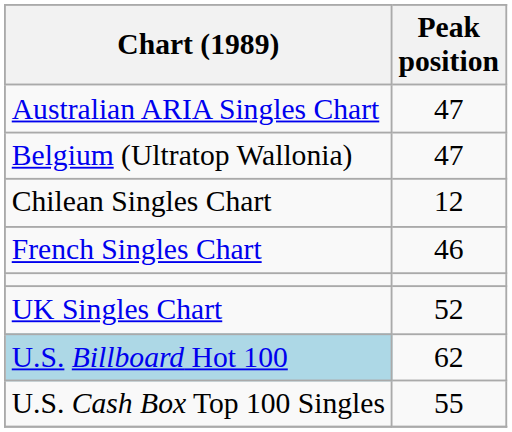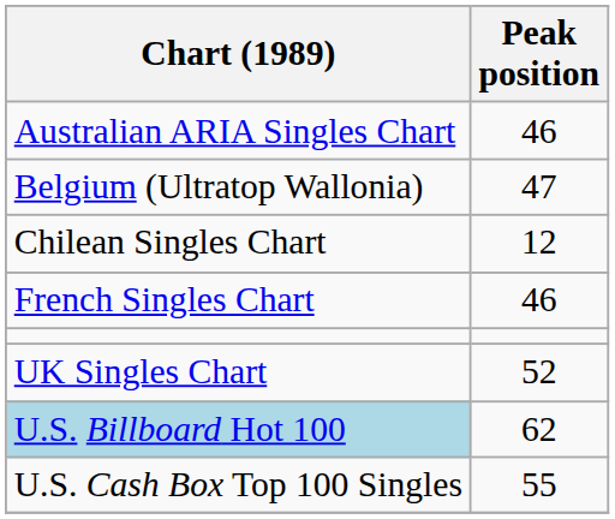 <table class="wikitable sortable ">
 <tr>
 <th align="left">Chart (1989)</th>
 <th align="left">Peak<br>position</th>
 </tr>
 <tr>
 <td align="left"><a href='#'>Australian ARIA Singles Chart</a></td>
-<td align="center">47</td>
+<td align="center">46</td>
 </tr>
 <tr>
 <td align="left"><a href='#'>Belgium</a> (Ultratop Wallonia)</td>
 <td align="center">47</td>
 </tr>
 <tr>
 <td align="left">Chilean Singles Chart</td>
 <td align="center">12</td>
 </tr>
 <tr>
 <td align="left"><a href='#'>French Singles Chart</a></td>
 <td align="center">46</td>
 </tr>
 <tr>
 <td></td>
 </tr>
 <tr>
 <td align="left"><a href='#'>UK Singles Chart</a></td>
 <td align="center">52</td>
 </tr>
 <tr>
 <td align="left" style="background: lightblue;"><a href='#'>U.S.</a> <a href='#'><em>Billboard</em> Hot 100</a></td>
 <td align="center">62</td>
 </tr>
 <tr>
 <td align="left">U.S. <em>Cash Box</em> Top 100 Singles</td>
 <td align="center">55</td>
 </tr>
 <tr>
 </tr>
 </table>
